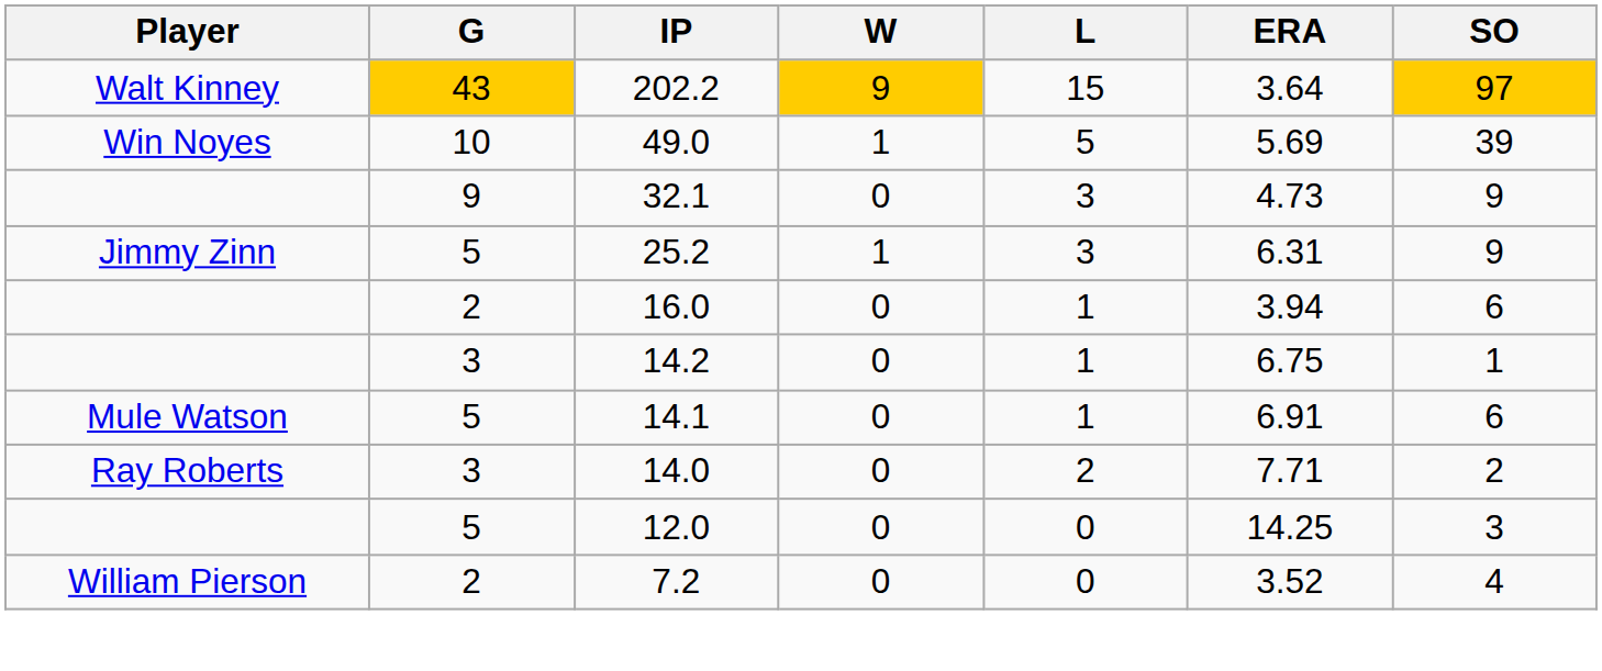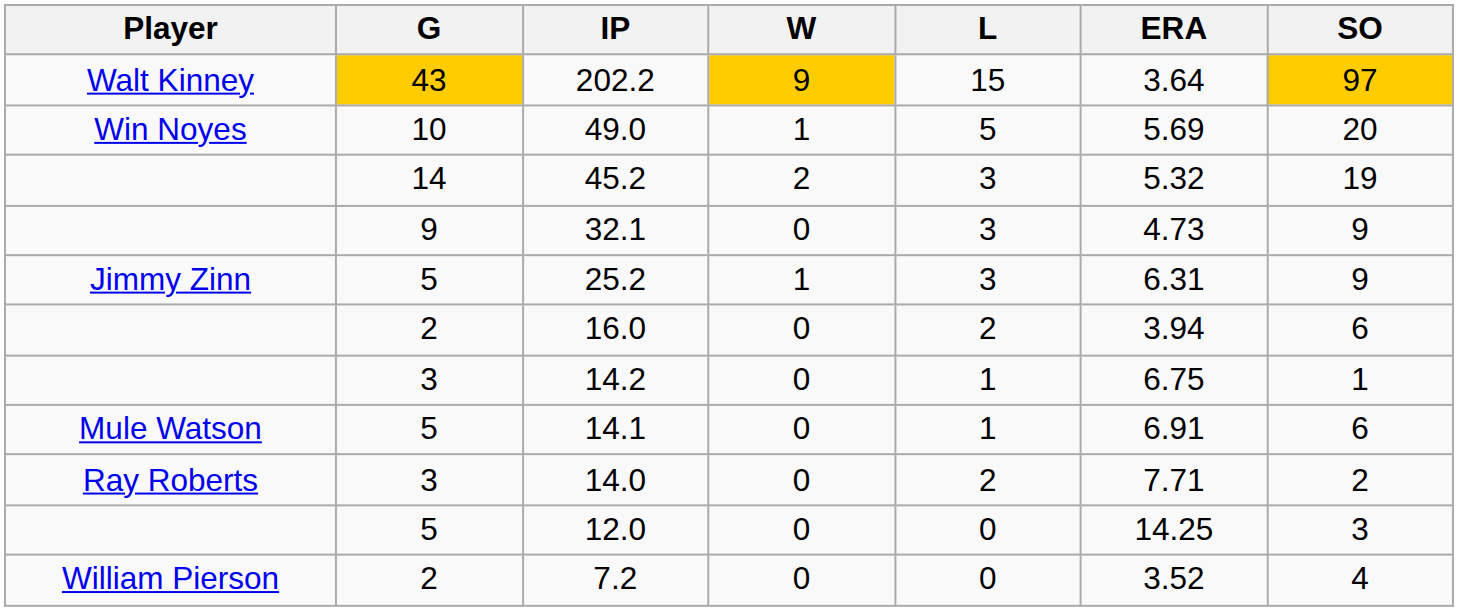 <table class="wikitable sortable">
 <tr>
 <th bgcolor="#DDDDFF" width="16%">Player</th>
 <th bgcolor="#DDDDFF" width="9%">G</th>
 <th bgcolor="#DDDDFF" width="9%">IP</th>
 <th bgcolor="#DDDDFF" width="9%">W</th>
 <th bgcolor="#DDDDFF" width="9%">L</th>
 <th bgcolor="#DDDDFF" width="9%">ERA</th>
 <th bgcolor="#DDDDFF" width="9%">SO</th>
 </tr>
 <tr align="center">
 <td><a href='#'>Walt Kinney</a></td>
 <td style="background:#fc0;">43</td>
 <td>202.2</td>
 <td style="background:#fc0;">9</td>
 <td>15</td>
 <td>3.64</td>
 <td style="background:#fc0;">97</td>
 </tr>
 <tr align=center>
 <td><a href='#'>Win Noyes</a></td>
 <td>10</td>
 <td>49.0</td>
 <td>1</td>
 <td>5</td>
 <td>5.69</td>
-<td>39</td>
+<td>20</td>
+</tr>
+<tr align=center>
+<td></td>
+<td>14</td>
+<td>45.2</td>
+<td>2</td>
+<td>3</td>
+<td>5.32</td>
+<td>19</td>
 </tr>
 <tr align="center">
 <td></td>
 <td>9</td>
 <td>32.1</td>
 <td>0</td>
 <td>3</td>
 <td>4.73</td>
 <td>9</td>
 </tr>
 <tr align="center">
 <td><a href='#'>Jimmy Zinn</a></td>
 <td>5</td>
 <td>25.2</td>
 <td>1</td>
 <td>3</td>
 <td>6.31</td>
 <td>9</td>
 </tr>
 <tr align=center>
 <td></td>
 <td>2</td>
 <td>16.0</td>
 <td>0</td>
-<td>1</td>
+<td>2</td>
 <td>3.94</td>
 <td>6</td>
 </tr>
 <tr align="center">
 <td></td>
 <td>3</td>
 <td>14.2</td>
 <td>0</td>
 <td>1</td>
 <td>6.75</td>
 <td>1</td>
 </tr>
 <tr align="center">
 <td><a href='#'>Mule Watson</a></td>
 <td>5</td>
 <td>14.1</td>
 <td>0</td>
 <td>1</td>
 <td>6.91</td>
 <td>6</td>
 </tr>
 <tr align=center>
 <td><a href='#'>Ray Roberts</a></td>
 <td>3</td>
 <td>14.0</td>
 <td>0</td>
 <td>2</td>
 <td>7.71</td>
 <td>2</td>
 </tr>
 <tr align=center>
 <td></td>
 <td>5</td>
 <td>12.0</td>
 <td>0</td>
 <td>0</td>
 <td>14.25</td>
 <td>3</td>
 </tr>
 <tr align="center">
 <td><a href='#'>William Pierson</a></td>
 <td>2</td>
 <td>7.2</td>
 <td>0</td>
 <td>0</td>
 <td>3.52</td>
 <td>4</td>
 </tr>
 </table>
